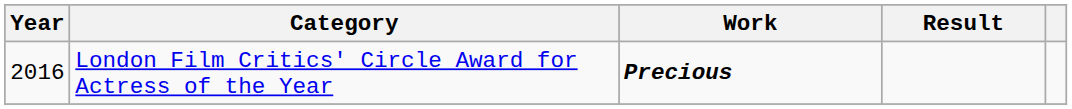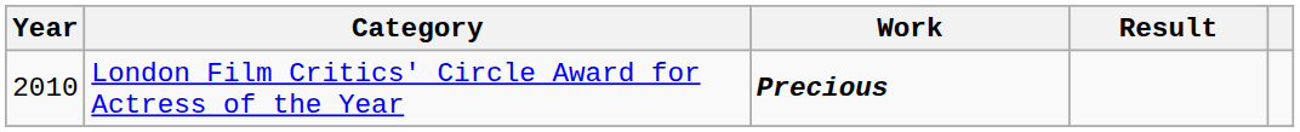 <table class="wikitable">
 <tr>
 <th scope="col" style="width:1em;">Year</th>
 <th scope="col" style="width:44em;">Category</th>
 <th scope="col" style="width:18em;">Work</th>
 <th scope="col" style="width:10em;">Result</th>
 <th class="unsortable" style="width:1em;"></th>
 </tr>
 <tr>
-<td>2016</td>
+<td>2010</td>
 <td><a href='#'>London Film Critics' Circle Award for Actress of the Year</a></td>
 <td><strong><em>Precious</em></strong></td>
 <td></td>
 <td></td>
 </tr>
 </table>
